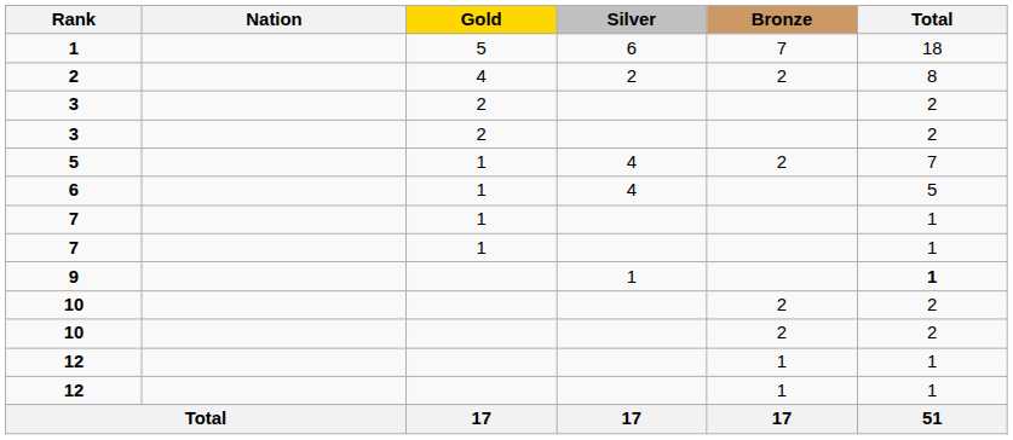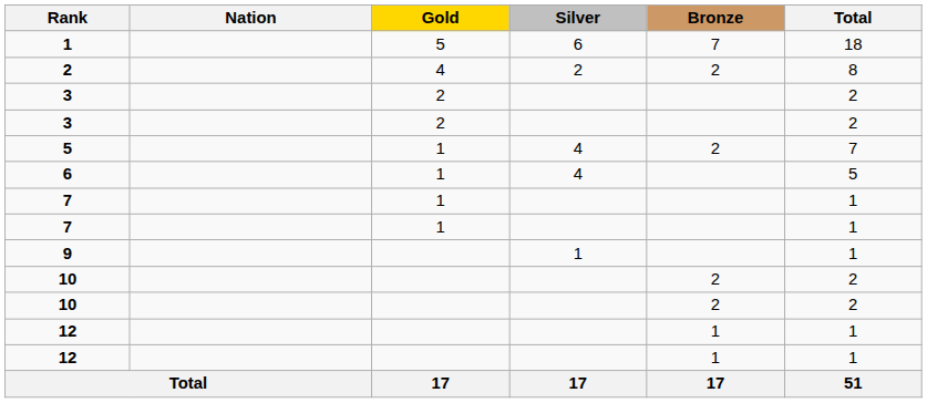 <table class="wikitable collapsible autocollapse plainrowheaders" width=70.5% style="text-align:center;">
 <tr style="background-color:#EDEDED;">
 <th width=100px class="hintergrundfarbe5">Rank</th>
 <th width=200px class="hintergrundfarbe6">Nation</th>
 <th style="background:    gold; width:15%">Gold</th>
 <th style="background:  silver; width:15%">Silver</th>
 <th style="background: #CC9966; width:15%">Bronze</th>
 <th class="hintergrundfarbe6" style="width:15%">Total</th>
 </tr>
 <tr>
 <td><strong>1</strong></td>
 <td align=left></td>
 <td>5</td>
 <td>6</td>
 <td>7</td>
 <td>18</td>
 </tr>
 <tr>
 <td><strong>2</strong></td>
 <td align=left></td>
 <td>4</td>
 <td>2</td>
 <td>2</td>
 <td>8</td>
 </tr>
 <tr>
 <td><strong>3</strong></td>
 <td align=left></td>
 <td>2</td>
 <td></td>
 <td></td>
 <td>2</td>
 </tr>
 <tr>
 <td><strong>3</strong></td>
 <td align=left></td>
 <td>2</td>
 <td></td>
 <td></td>
 <td>2</td>
 </tr>
 <tr>
 <td><strong>5</strong></td>
 <td align=left></td>
 <td>1</td>
 <td>4</td>
 <td>2</td>
 <td>7</td>
 </tr>
 <tr>
 <td><strong>6</strong></td>
 <td align=left></td>
 <td>1</td>
 <td>4</td>
 <td></td>
 <td>5</td>
 </tr>
 <tr>
 <td><strong>7</strong></td>
 <td align=left></td>
 <td>1</td>
 <td></td>
 <td></td>
 <td>1</td>
 </tr>
 <tr>
 <td><strong>7</strong></td>
 <td align=left></td>
 <td>1</td>
 <td></td>
 <td></td>
 <td>1</td>
 </tr>
 <tr>
 <td><strong>9</strong></td>
 <td align=left></td>
 <td></td>
 <td>1</td>
 <td></td>
-<td><strong>1</strong></td>
+<td>1</td>
 </tr>
 <tr>
 <td><strong>10</strong></td>
 <td align=left></td>
 <td></td>
 <td></td>
 <td>2</td>
 <td>2</td>
 </tr>
 <tr>
 <td><strong>10</strong></td>
 <td align=left></td>
 <td></td>
 <td></td>
 <td>2</td>
 <td>2</td>
 </tr>
 <tr>
 <td><strong>12</strong></td>
 <td align=left></td>
 <td></td>
 <td></td>
 <td>1</td>
 <td>1</td>
 </tr>
 <tr>
 <td><strong>12</strong></td>
 <td align=left></td>
 <td></td>
 <td></td>
 <td>1</td>
 <td>1</td>
 </tr>
 <tr>
 <th colspan=2>Total</th>
 <th>17</th>
 <th>17</th>
 <th>17</th>
 <th>51</th>
 </tr>
 </table>
